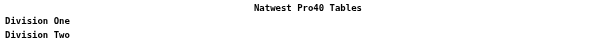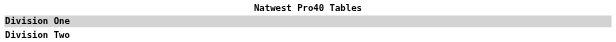 <table class="toccolours collapsible collapsed" width=100%>
 <tr>
 <th colspan="1"><strong>Natwest Pro40 Tables</strong></th>
 </tr>
 <tr>
-<td colspan="1"><strong>Division One</strong><br>          </td>
+<td colspan="1" style="background: lightgrey;"><strong>Division One</strong><br>          </td>
 </tr>
 <tr>
 <td colspan="1"><strong>Division Two</strong><br>          </td>
 </tr>
 </table>
